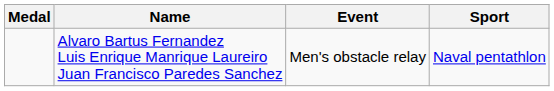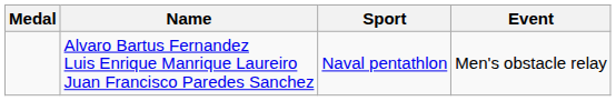 <table class="wikitable sortable" style="font-size: 95%;">
 <tr>
 <th>Medal</th>
 <th>Name</th>
+<th>Sport</th>
 <th>Event</th>
-<th>Sport</th>
 </tr>
 <tr>
 <td></td>
 <td><a href='#'>Alvaro Bartus Fernandez</a><br><a href='#'>Luis Enrique Manrique Laureiro</a><br><a href='#'>Juan Francisco Paredes Sanchez</a></td>
+<td><a href='#'>Naval pentathlon</a></td>
 <td>Men's obstacle relay</td>
-<td><a href='#'>Naval pentathlon</a></td>
 </tr>
 </table>
